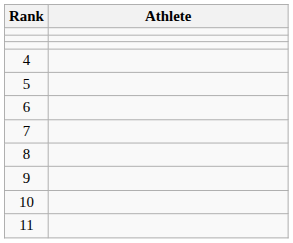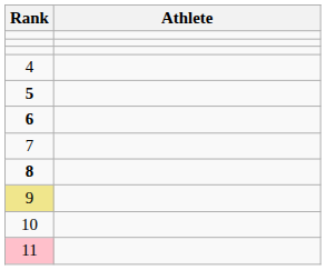 <table class="wikitable" style="text-align: center;">
 <tr>
 <th width=40>Rank</th>
 <th width=250>Athlete</th>
 </tr>
 <tr>
 <td></td>
 <td align=left></td>
 </tr>
 <tr>
 <td></td>
 <td align=left></td>
 </tr>
 <tr>
 <td></td>
 <td align=left></td>
 </tr>
 <tr>
 <td>4</td>
 <td align=left></td>
 </tr>
 <tr>
-<td>5</td>
+<td><strong>5</strong></td>
 <td align=left></td>
 </tr>
 <tr>
-<td>6</td>
+<td><strong>6</strong></td>
 <td align=left></td>
 </tr>
 <tr>
 <td>7</td>
 <td align=left></td>
 </tr>
 <tr>
-<td>8</td>
+<td><strong>8</strong></td>
 <td align=left></td>
 </tr>
 <tr>
-<td>9</td>
+<td style="background: khaki;">9</td>
 <td align=left></td>
 </tr>
 <tr>
 <td>10</td>
 <td align=left></td>
 </tr>
 <tr>
-<td>11</td>
+<td style="background: pink;">11</td>
 <td align=left></td>
 </tr>
 </table>
